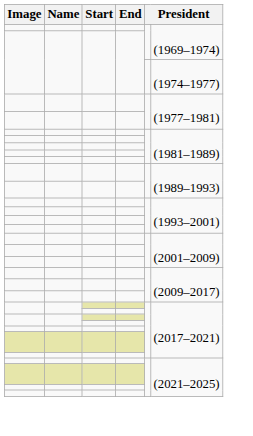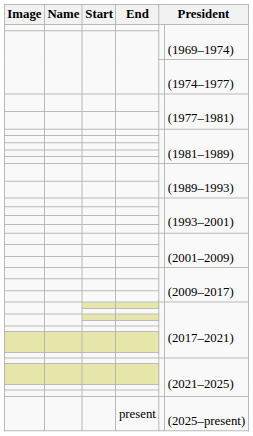 <table class="wikitable sortable">
 <tr>
 <th class=unsortable>Image</th>
 <th>Name</th>
 <th>Start</th>
 <th>End</th>
 <th colspan=2>President</th>
 </tr>
 <tr>
 <td></td>
 <td></td>
 <td></td>
 <td></td>
 <td rowspan=2 style="background: "></td>
 <td rowspan=2><br>(1969–1974)</td>
 </tr>
 <tr>
 <td rowspan=2 style="padding-top: 1em; padding-bottom: 1em;"></td>
 <td rowspan=2 style="padding-top: 1em; padding-bottom: 1em;"></td>
 <td rowspan=2 style="padding-top: 1em; padding-bottom: 1em;"></td>
 <td rowspan=2 style="padding-top: 1em; padding-bottom: 1em;"></td>
 </tr>
 <tr>
 <td style="background: "></td>
 <td><br>(1974–1977)</td>
 </tr>
 <tr>
 <td></td>
 <td></td>
 <td></td>
 <td></td>
 <td rowspan=2 style="background: "></td>
 <td rowspan=2><br>(1977–1981)</td>
 </tr>
 <tr>
 <td></td>
 <td></td>
 <td></td>
 <td></td>
 </tr>
 <tr>
 <td></td>
 <td></td>
 <td></td>
 <td></td>
 <td rowspan=5 style="background: "></td>
 <td rowspan=5><br>(1981–1989)</td>
 </tr>
 <tr>
 <td></td>
 <td></td>
 <td></td>
 <td></td>
 </tr>
 <tr>
 <td></td>
 <td></td>
 <td></td>
 <td></td>
 </tr>
 <tr>
 <td></td>
 <td></td>
 <td></td>
 <td></td>
 </tr>
 <tr>
 <td></td>
 <td></td>
 <td></td>
 <td></td>
 </tr>
 <tr>
 <td></td>
 <td></td>
 <td></td>
 <td></td>
 <td rowspan=2 style="background: "></td>
 <td rowspan=2><br>(1989–1993)</td>
 </tr>
 <tr>
 <td></td>
 <td></td>
 <td></td>
 <td></td>
 </tr>
 <tr>
 <td></td>
 <td></td>
 <td></td>
 <td></td>
 <td rowspan=4 style="background: "></td>
 <td rowspan=4><br>(1993–2001)</td>
 </tr>
 <tr>
 <td></td>
 <td></td>
 <td></td>
 <td></td>
 </tr>
 <tr>
 <td></td>
 <td></td>
 <td></td>
 <td></td>
 </tr>
 <tr>
 <td></td>
 <td></td>
 <td></td>
 <td></td>
 </tr>
 <tr>
 <td></td>
 <td></td>
 <td></td>
 <td></td>
 <td rowspan=3 style="background: "></td>
 <td rowspan=3><br>(2001–2009)</td>
 </tr>
 <tr>
 <td></td>
 <td></td>
 <td></td>
 <td></td>
 </tr>
 <tr>
 <td></td>
 <td></td>
 <td></td>
 <td></td>
 </tr>
 <tr>
 <td></td>
 <td></td>
 <td></td>
 <td></td>
 <td rowspan=3 style="background: "></td>
 <td rowspan=3><br>(2009–2017)</td>
 </tr>
 <tr>
 <td></td>
 <td></td>
 <td></td>
 <td></td>
 </tr>
 <tr>
 <td></td>
 <td></td>
 <td></td>
 <td></td>
 </tr>
 <tr>
 <td rowspan=2></td>
 <td rowspan=2></td>
 <td style="background-color:#E6E6AA;"></td>
 <td style="background-color:#E6E6AA;"></td>
 <td rowspan=7 style="background: "></td>
 <td rowspan=7><br>(2017–2021)</td>
 </tr>
 <tr>
 <td></td>
 <td></td>
 </tr>
 <tr>
 <td rowspan=2></td>
 <td rowspan=2></td>
 <td style="background-color:#E6E6AA;"></td>
 <td style="background-color:#E6E6AA;"></td>
 </tr>
 <tr>
 <td></td>
 <td></td>
 </tr>
 <tr>
 <td></td>
 <td></td>
 <td></td>
 <td></td>
 </tr>
 <tr bgcolor="#e6e6aa">
 <td></td>
 <td><br></td>
 <td></td>
 <td></td>
 </tr>
 <tr>
 <td></td>
 <td></td>
 <td></td>
 <td></td>
 </tr>
 <tr>
 <td></td>
 <td></td>
 <td></td>
 <td></td>
 <td rowspan=4 style="background: "></td>
 <td rowspan=4><br>(2021–2025)</td>
 </tr>
 <tr bgcolor="#e6e6aa">
 <td></td>
 <td><br></td>
 <td></td>
 <td></td>
 </tr>
 <tr>
 <td></td>
 <td></td>
 <td></td>
 <td></td>
 </tr>
 <tr>
 <td></td>
 <td></td>
 <td></td>
 <td></td>
 </tr>
+<tr>
+<td></td>
+<td></td>
+<td></td>
+<td>present</td>
+<td style="background: "></td>
+<td><br>(2025–present)</td>
+</tr>
 </table>
